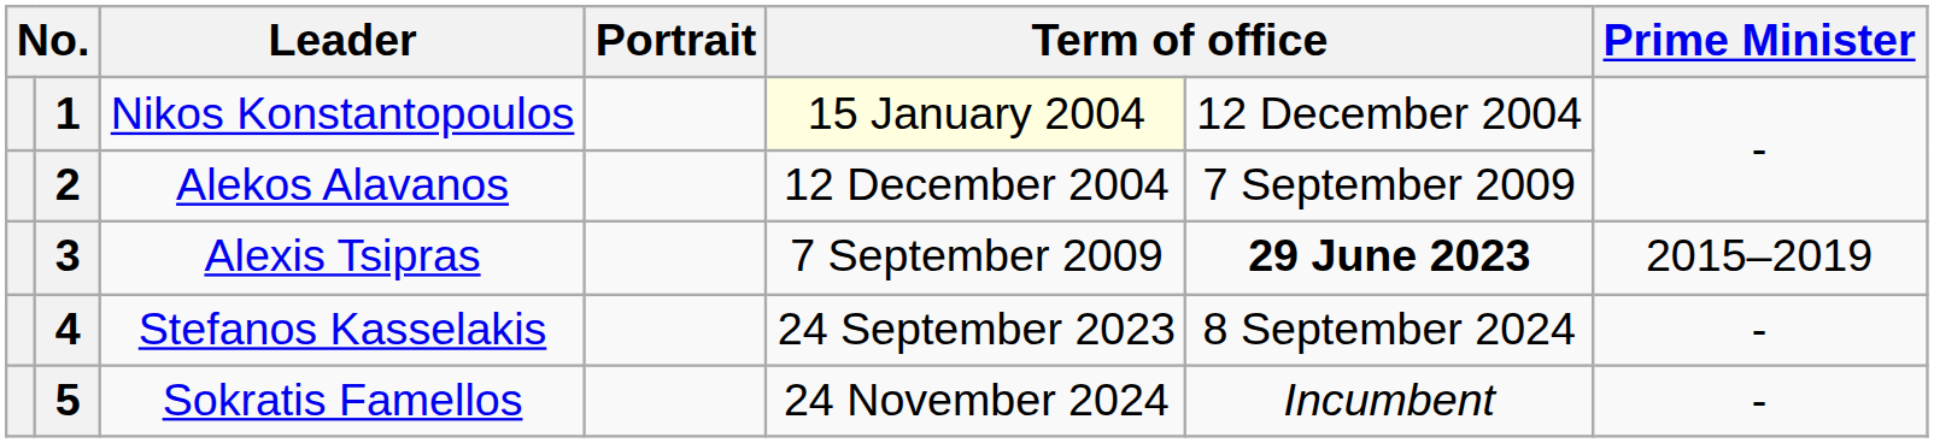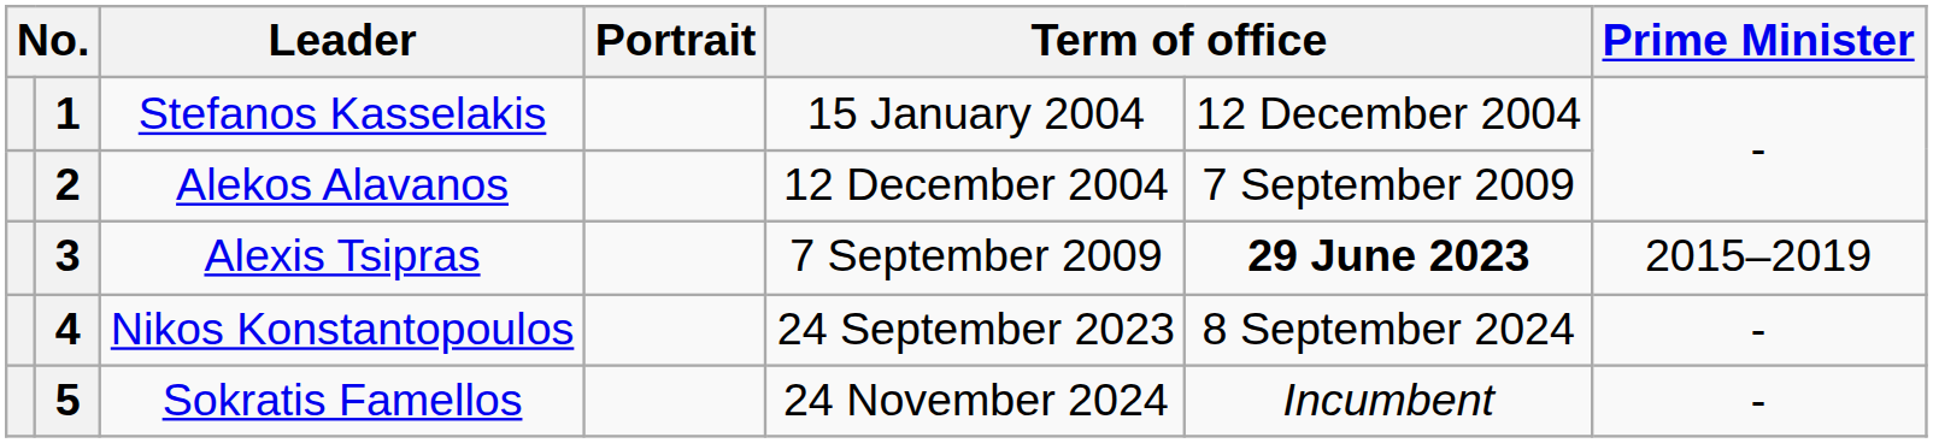 <table class="wikitable"  style="text-align:center;">
 <tr>
 <th colspan=2>No.</th>
 <th>Leader</th>
 <th>Portrait</th>
 <th colspan=2>Term of office</th>
 <th><a href='#'>Prime Minister</a></th>
 </tr>
 <tr>
 <th style="background:"></th>
 <th>1</th>
-<td><a href='#'>Nikos Konstantopoulos</a></td>
+<td><a href='#'>Stefanos Kasselakis</a></td>
 <td></td>
-<td style="background: lightyellow;">15 January 2004</td>
+<td>15 January 2004</td>
 <td>12 December 2004</td>
 <td rowspan="2">-</td>
 </tr>
 <tr>
 <th style="background:"></th>
 <th>2</th>
 <td><a href='#'>Alekos Alavanos</a></td>
 <td></td>
 <td>12 December 2004</td>
 <td>7 September 2009</td>
 </tr>
 <tr>
 <th style="background:"></th>
 <th>3</th>
 <td><a href='#'>Alexis Tsipras</a></td>
 <td></td>
 <td>7 September 2009</td>
 <td><strong>29 June 2023</strong></td>
 <td>2015–2019</td>
 </tr>
 <tr>
 <th style="background:"></th>
 <th>4</th>
-<td><a href='#'>Stefanos Kasselakis</a></td>
+<td><a href='#'>Nikos Konstantopoulos</a></td>
 <td></td>
 <td>24 September 2023</td>
 <td>8 September 2024</td>
 <td>-</td>
 </tr>
 <tr>
 <th style="background:"></th>
 <th>5</th>
 <td><a href='#'>Sokratis Famellos</a></td>
 <td></td>
 <td>24 November 2024</td>
 <td><em>Incumbent</em></td>
 <td>-</td>
 </tr>
 </table>
